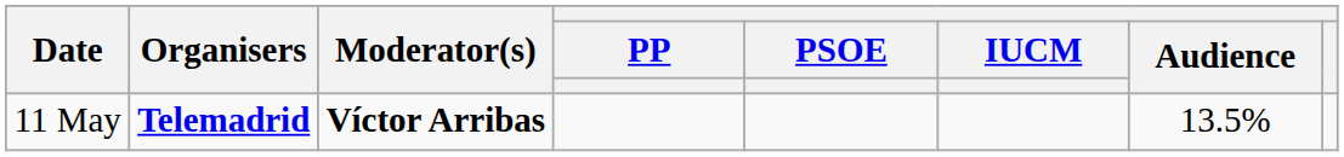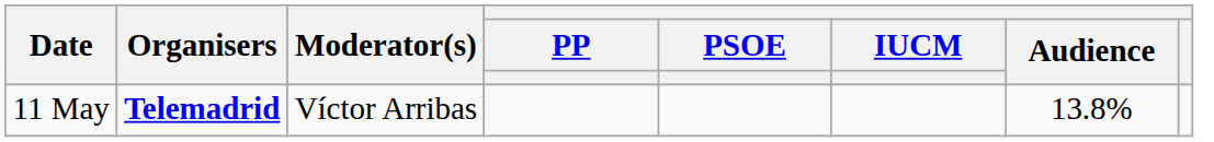 <table class="wikitable" style="text-align:center;">
 <tr>
 <th rowspan="3">Date</th>
 <th rowspan="3">Organisers</th>
 <th rowspan="3">Moderator(s)</th>
 <th colspan="5">  </th>
 </tr>
 <tr>
 <th scope="col" style="width:5em;"><a href='#'>PP</a></th>
 <th scope="col" style="width:5em;"><a href='#'>PSOE</a></th>
 <th scope="col" style="width:5em;"><a href='#'>IUCM</a></th>
 <th rowspan="2" scope="col" style="width:5em;">Audience</th>
 <th rowspan="2"></th>
 </tr>
 <tr>
 <th style="color:inherit;background:"></th>
 <th style="color:inherit;background:"></th>
 <th style="color:inherit;background:"></th>
 </tr>
 <tr>
 <td style="white-space:nowrap; text-align:left;">11 May</td>
 <td style="white-space:nowrap; text-align:left;"><strong><a href='#'>Telemadrid</a></strong></td>
-<td style="white-space:nowrap; text-align:left;"><strong>Víctor Arribas</strong></td>
+<td style="white-space:nowrap; text-align:left;">Víctor Arribas</td>
 <td></td>
 <td></td>
 <td></td>
-<td>13.5%<br></td>
+<td>13.8%<br></td>
 <td><br></td>
 </tr>
 </table>
